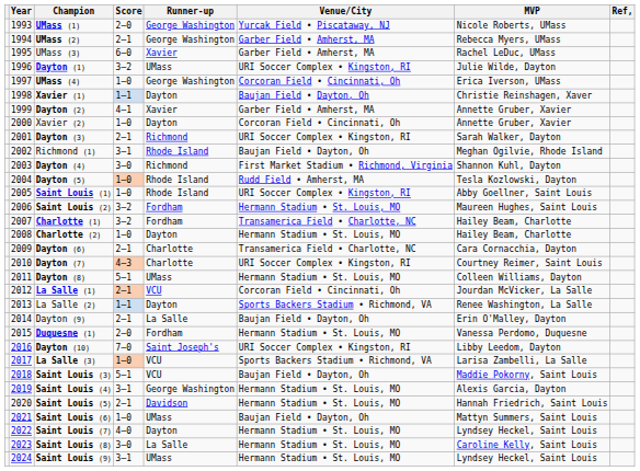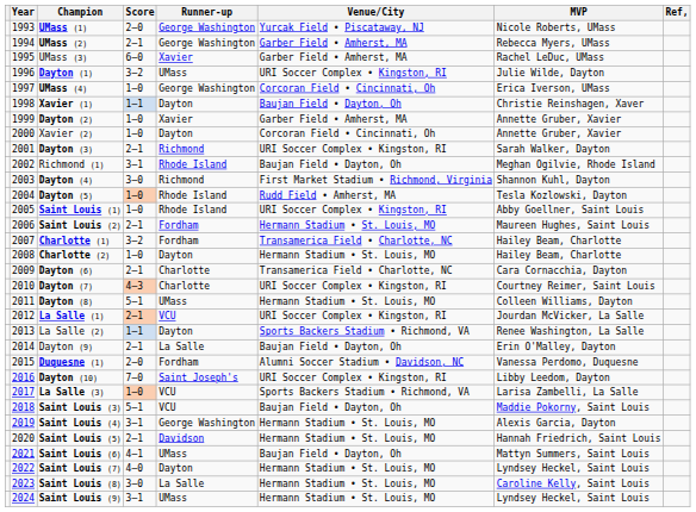 <table class="wikitable sortable" style="text-align:; font-size:95%">
 <tr>
 <th width=px></th>
 <th width=px>Year</th>
 <th width=px>Champion</th>
 <th width=px>Score</th>
 <th width=px>Runner-up</th>
 <th width=px>Venue/City</th>
 <th width=px>MVP</th>
 <th width=px>Ref,</th>
 </tr>
 <tr>
 <td></td>
 <td>1993</td>
 <td><strong><a href='#'>UMass</a></strong> <small>(1)</small></td>
 <td>2–0</td>
 <td><a href='#'>George Washington</a></td>
 <td><a href='#'>Yurcak Field</a> • <a href='#'>Piscataway, NJ</a></td>
 <td>Nicole Roberts, UMass</td>
 <td></td>
 </tr>
 <tr>
 <td></td>
 <td>1994</td>
 <td><strong>UMass</strong> <small>(2)</small></td>
 <td>2–1</td>
 <td>George Washington</td>
 <td><a href='#'>Garber Field</a> • <a href='#'>Amherst, MA</a></td>
 <td>Rebecca Myers, UMass</td>
 <td></td>
 </tr>
 <tr>
 <td></td>
 <td>1995</td>
 <td>UMass <small>(3)</small></td>
 <td>6–0</td>
 <td><a href='#'>Xavier</a></td>
 <td>Garber Field • Amherst, MA</td>
 <td>Rachel LeDuc, UMass</td>
 <td></td>
 </tr>
 <tr>
 <td></td>
 <td>1996</td>
 <td><strong><a href='#'>Dayton</a></strong> <small>(1)</small></td>
 <td>3–2</td>
 <td>UMass</td>
 <td>URI Soccer Complex • <a href='#'>Kingston, RI</a></td>
 <td>Julie Wilde, Dayton</td>
 <td></td>
 </tr>
 <tr>
 <td></td>
 <td>1997</td>
 <td><strong>UMass</strong> <small>(4)</small></td>
 <td>1–0</td>
 <td>George Washington</td>
 <td><a href='#'>Corcoran Field</a> • <a href='#'>Cincinnati, Oh</a></td>
 <td>Erica Iverson, UMass</td>
 <td></td>
 </tr>
 <tr>
 <td></td>
 <td>1998</td>
 <td><strong>Xavier</strong> <small>(1)</small></td>
 <td style="background-color:#cedff2">1–1 </td>
 <td>Dayton</td>
 <td><a href='#'>Baujan Field</a> • <a href='#'>Dayton, Oh</a></td>
 <td>Christie Reinshagen, Xaver</td>
 <td></td>
 </tr>
 <tr>
 <td></td>
 <td>1999</td>
 <td><strong>Dayton</strong> <small>(2)</small></td>
-<td>4–1</td>
+<td>1–0</td>
 <td>Xavier</td>
 <td>Garber Field • Amherst, MA</td>
 <td>Annette Gruber, Xavier</td>
 <td></td>
 </tr>
 <tr>
 <td></td>
 <td>2000</td>
 <td>Xavier <small>(2)</small></td>
 <td>1–0</td>
 <td>Dayton</td>
 <td>Corcoran Field • Cincinnati, Oh</td>
 <td>Annette Gruber, Xavier</td>
 <td></td>
 </tr>
 <tr>
 <td></td>
 <td>2001</td>
 <td><strong>Dayton</strong> <small>(3)</small></td>
 <td>2–1</td>
 <td><a href='#'>Richmond</a></td>
 <td>URI Soccer Complex • Kingston, RI</td>
 <td>Sarah Walker, Dayton</td>
 <td></td>
 </tr>
 <tr>
 <td></td>
 <td>2002</td>
 <td>Richmond <small>(1)</small></td>
 <td>3–1</td>
 <td><a href='#'>Rhode Island</a></td>
 <td>Baujan Field • Dayton, Oh</td>
 <td>Meghan Ogilvie, Rhode Island</td>
 <td></td>
 </tr>
 <tr>
 <td></td>
 <td>2003</td>
 <td><strong>Dayton</strong> <small>(4)</small></td>
 <td>3–0</td>
 <td>Richmond</td>
 <td>First Market Stadium • <a href='#'>Richmond, Virginia</a></td>
 <td>Shannon Kuhl, Dayton</td>
 <td></td>
 </tr>
 <tr>
 <td></td>
 <td>2004</td>
 <td><strong>Dayton</strong> <small>(5)</small></td>
 <td style="background-color:#FBCEB1">1–0 </td>
 <td>Rhode Island</td>
 <td><a href='#'>Rudd Field</a> • Amherst, MA</td>
 <td>Tesla Kozlowski, Dayton</td>
 <td></td>
 </tr>
 <tr>
 <td></td>
 <td>2005</td>
 <td><strong><a href='#'>Saint Louis</a></strong> <small>(1)</small></td>
 <td>1–0</td>
 <td>Rhode Island</td>
 <td>URI Soccer Complex • <a href='#'>Kingston, RI</a></td>
 <td>Abby Goellner, Saint Louis</td>
 <td></td>
 </tr>
 <tr>
 <td></td>
 <td>2006</td>
 <td><strong>Saint Louis</strong> <small>(2)</small></td>
-<td>3–2</td>
+<td>2–1</td>
 <td><a href='#'>Fordham</a></td>
 <td><a href='#'>Hermann Stadium</a> • <a href='#'>St. Louis, MO</a></td>
 <td>Maureen Hughes, Saint Louis</td>
 <td></td>
 </tr>
 <tr>
 <td></td>
 <td>2007</td>
 <td><strong><a href='#'>Charlotte</a></strong> <small>(1)</small></td>
 <td>3–2</td>
 <td>Fordham</td>
 <td><a href='#'>Transamerica Field</a> • <a href='#'>Charlotte, NC</a></td>
 <td>Hailey Beam, Charlotte</td>
 <td></td>
 </tr>
 <tr>
 <td></td>
 <td>2008</td>
 <td><strong>Charlotte</strong> <small>(2)</small></td>
 <td>1–0</td>
 <td>Dayton</td>
 <td>Hermann Stadium • St. Louis, MO</td>
 <td>Hailey Beam, Charlotte</td>
 <td></td>
 </tr>
 <tr>
 <td></td>
 <td>2009</td>
 <td><strong>Dayton</strong> <small>(6)</small></td>
 <td>2–1</td>
 <td>Charlotte</td>
 <td>Transamerica Field • Charlotte, NC</td>
 <td>Cara Cornacchia, Dayton</td>
 <td></td>
 </tr>
 <tr>
 <td></td>
 <td>2010</td>
 <td><strong>Dayton</strong> <small>(7)</small></td>
 <td style="background-color:#FBCEB1">4–3 </td>
 <td>Charlotte</td>
 <td>URI Soccer Complex • Kingston, RI</td>
 <td>Courtney Reimer, Saint Louis</td>
 <td></td>
 </tr>
 <tr>
 <td></td>
 <td>2011</td>
 <td><strong>Dayton</strong> <small>(8)</small></td>
 <td>5–1</td>
 <td>UMass</td>
 <td>Hermann Stadium • St. Louis, MO</td>
 <td>Colleen Williams, Dayton</td>
 <td></td>
 </tr>
 <tr>
 <td></td>
 <td>2012</td>
 <td><strong><a href='#'>La Salle</a></strong> <small>(1)</small></td>
 <td style="background-color:#FBCEB1">2–1 </td>
 <td><a href='#'>VCU</a></td>
-<td>Corcoran Field • Cincinnati, Oh</td>
+<td>URI Soccer Complex • Kingston, RI</td>
 <td>Jourdan McVicker, La Salle</td>
 <td></td>
 </tr>
 <tr>
 <td></td>
 <td>2013</td>
 <td>La Salle <small>(2)</small></td>
 <td style="background-color:#cedff2">1–1 </td>
 <td>Dayton</td>
 <td><a href='#'>Sports Backers Stadium</a> • Richmond, VA</td>
 <td>Renee Washington, La Salle</td>
 <td></td>
 </tr>
 <tr>
 <td></td>
 <td>2014</td>
 <td>Dayton <small>(9)</small></td>
 <td>2–1</td>
 <td>La Salle</td>
 <td>Baujan Field • Dayton, Oh</td>
 <td>Erin O'Malley, Dayton</td>
 <td></td>
 </tr>
 <tr>
 <td></td>
 <td>2015</td>
 <td><strong><a href='#'>Duquesne</a></strong> <small>(1)</small></td>
 <td>2–0</td>
 <td>Fordham</td>
-<td>Hermann Stadium • St. Louis, MO</td>
+<td>Alumni Soccer Stadium • <a href='#'>Davidson, NC</a></td>
 <td>Vanessa Perdomo, Duquesne</td>
 <td></td>
 </tr>
 <tr>
 <td></td>
 <td><a href='#'>2016</a></td>
 <td><strong>Dayton</strong> <small>(10)</small></td>
 <td>7–0</td>
 <td><a href='#'>Saint Joseph's</a></td>
 <td>URI Soccer Complex • Kingston, RI</td>
 <td>Libby Leedom, Dayton</td>
 <td></td>
 </tr>
 <tr>
 <td></td>
 <td><a href='#'>2017</a></td>
 <td><strong>La Salle</strong> <small>(3)</small></td>
 <td style="background-color:#FBCEB1">1–0 </td>
 <td>VCU</td>
 <td>Sports Backers Stadium • Richmond, VA</td>
 <td>Larisa Zambelli, La Salle</td>
 <td></td>
 </tr>
 <tr>
 <td></td>
 <td><a href='#'>2018</a></td>
 <td><strong>Saint Louis</strong> <small>(3)</small></td>
 <td>5–1</td>
 <td>VCU</td>
 <td>Baujan Field • Dayton, Oh</td>
 <td><a href='#'>Maddie Pokorny</a>, Saint Louis</td>
 <td></td>
 </tr>
 <tr>
 <td></td>
 <td><a href='#'>2019</a></td>
 <td><strong>Saint Louis</strong> <small>(4)</small></td>
 <td>3–1</td>
 <td>George Washington</td>
 <td>Hermann Stadium • St. Louis, MO</td>
 <td>Alexis Garcia, Dayton</td>
 <td></td>
 </tr>
 <tr>
 <td></td>
 <td>2020</td>
 <td><strong>Saint Louis</strong> <small>(5)</small></td>
 <td>2–1</td>
 <td><a href='#'>Davidson</a></td>
 <td>Hermann Stadium • St. Louis, MO</td>
 <td>Hannah Friedrich, Saint Louis</td>
 <td></td>
 </tr>
 <tr>
 <td></td>
 <td><a href='#'>2021</a></td>
 <td><strong>Saint Louis</strong> <small>(6)</small></td>
-<td>1–0</td>
+<td>4–1</td>
 <td>UMass</td>
 <td>Baujan Field • Dayton, Oh</td>
 <td>Mattyn Summers, Saint Louis</td>
 <td></td>
 </tr>
 <tr>
 <td></td>
 <td><a href='#'>2022</a></td>
 <td><strong>Saint Louis</strong> <small>(7)</small></td>
 <td>4–0</td>
 <td>Dayton</td>
 <td>Hermann Stadium • St. Louis, MO</td>
 <td>Lyndsey Heckel, Saint Louis</td>
 <td></td>
 </tr>
 <tr>
 <td></td>
 <td><a href='#'>2023</a></td>
 <td><strong>Saint Louis</strong> <small>(8)</small></td>
 <td>3–0</td>
 <td>La Salle</td>
 <td>Hermann Stadium • St. Louis, MO</td>
 <td><a href='#'>Caroline Kelly</a>, Saint Louis</td>
 <td></td>
 </tr>
 <tr>
 <td></td>
 <td><a href='#'>2024</a></td>
 <td><strong>Saint Louis</strong> <small>(9)</small></td>
 <td>3–1</td>
 <td>UMass</td>
 <td>Hermann Stadium • St. Louis, MO</td>
 <td>Lyndsey Heckel, Saint Louis</td>
 <td></td>
 </tr>
 </table>
